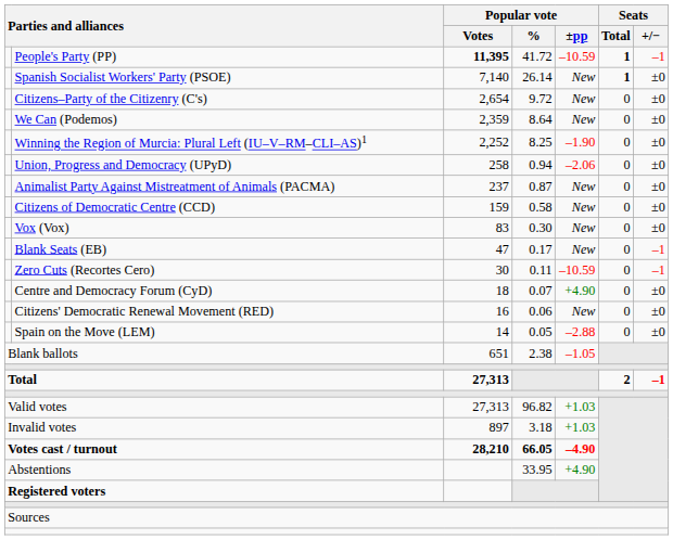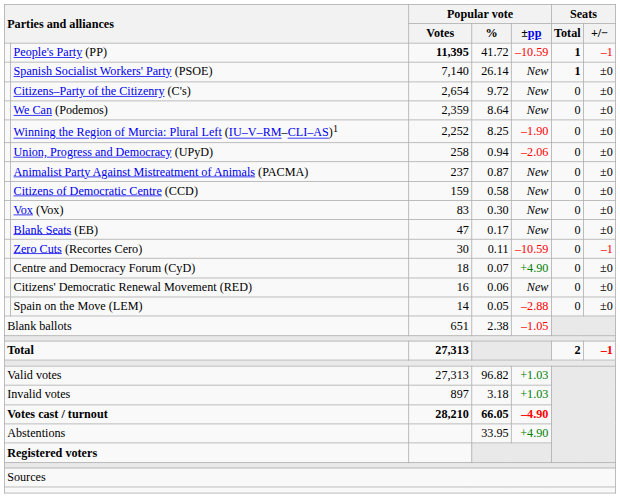 <table class="wikitable" style="text-align:right;">
 <tr>
 <th style="text-align:left;" rowspan="2" colspan="2" width="525">Parties and alliances</th>
 <th colspan="3">Popular vote</th>
 <th colspan="2">Seats</th>
 </tr>
 <tr>
 <th width="75">Votes</th>
 <th width="45">%</th>
 <th width="45">±<a href='#'>pp</a></th>
 <th width="35">Total</th>
 <th width="35">+/−</th>
 </tr>
 <tr>
 <td width="1" style="color:inherit;background:"></td>
 <td align="left"><a href='#'>People's Party</a> (PP)</td>
 <td><strong>11,395</strong></td>
 <td>41.72</td>
 <td style="color:red;">–10.59</td>
 <td><strong>1</strong></td>
 <td style="color:red;">–1</td>
 </tr>
 <tr>
 <td style="color:inherit;background:"></td>
 <td align="left"><a href='#'>Spanish Socialist Workers' Party</a> (PSOE)</td>
 <td>7,140</td>
 <td>26.14</td>
 <td><em>New</em></td>
 <td><strong>1</strong></td>
 <td>±0</td>
 </tr>
 <tr>
 <td style="color:inherit;background:"></td>
 <td align="left"><a href='#'>Citizens–Party of the Citizenry</a> (C's)</td>
 <td>2,654</td>
 <td>9.72</td>
 <td><em>New</em></td>
 <td>0</td>
 <td>±0</td>
 </tr>
 <tr>
 <td style="color:inherit;background:"></td>
 <td align="left"><a href='#'>We Can</a> (Podemos)</td>
 <td>2,359</td>
 <td>8.64</td>
 <td><em>New</em></td>
 <td>0</td>
 <td>±0</td>
 </tr>
 <tr>
 <td style="color:inherit;background:"></td>
 <td align="left"><a href='#'>Winning the Region of Murcia: Plural Left</a> (<a href='#'>IU–V–RM</a>–<a href='#'>CLI–AS</a>)<sup>1</sup></td>
 <td>2,252</td>
 <td>8.25</td>
 <td style="color:red;">–1.90</td>
 <td>0</td>
 <td>±0</td>
 </tr>
 <tr>
 <td style="color:inherit;background:"></td>
 <td align="left"><a href='#'>Union, Progress and Democracy</a> (UPyD)</td>
 <td>258</td>
 <td>0.94</td>
 <td style="color:red;">–2.06</td>
 <td>0</td>
 <td>±0</td>
 </tr>
 <tr>
 <td style="color:inherit;background:"></td>
 <td align="left"><a href='#'>Animalist Party Against Mistreatment of Animals</a> (PACMA)</td>
 <td>237</td>
 <td>0.87</td>
 <td><em>New</em></td>
 <td>0</td>
 <td>±0</td>
 </tr>
 <tr>
 <td style="color:inherit;background:"></td>
 <td align="left"><a href='#'>Citizens of Democratic Centre</a> (CCD)</td>
 <td>159</td>
 <td>0.58</td>
 <td><em>New</em></td>
 <td>0</td>
 <td>±0</td>
 </tr>
 <tr>
 <td style="color:inherit;background:"></td>
 <td align="left"><a href='#'>Vox</a> (Vox)</td>
 <td>83</td>
 <td>0.30</td>
 <td><em>New</em></td>
 <td>0</td>
 <td>±0</td>
 </tr>
 <tr>
 <td style="color:inherit;background:"></td>
 <td align="left"><a href='#'>Blank Seats</a> (EB)</td>
 <td>47</td>
 <td>0.17</td>
 <td><em>New</em></td>
 <td>0</td>
-<td style="color:red;">–1</td>
+<td>±0</td>
 </tr>
 <tr>
 <td style="color:inherit;background:"></td>
 <td align="left"><a href='#'>Zero Cuts</a> (Recortes Cero)</td>
 <td>30</td>
 <td>0.11</td>
 <td style="color:red;">–10.59</td>
 <td>0</td>
 <td style="color:red;">–1</td>
 </tr>
 <tr>
 <td style="color:inherit;background:"></td>
 <td align="left">Centre and Democracy Forum (CyD)</td>
 <td>18</td>
 <td>0.07</td>
 <td style="color:green;">+4.90</td>
 <td>0</td>
 <td>±0</td>
 </tr>
 <tr>
 <td style="color:inherit;background:"></td>
 <td align="left">Citizens' Democratic Renewal Movement (RED)</td>
 <td>16</td>
 <td>0.06</td>
 <td><em>New</em></td>
 <td>0</td>
 <td>±0</td>
 </tr>
 <tr>
 <td style="color:inherit;background:"></td>
 <td align="left">Spain on the Move (LEM)</td>
 <td>14</td>
 <td>0.05</td>
 <td style="color:red;">–2.88</td>
 <td>0</td>
 <td>±0</td>
 </tr>
 <tr>
 <td align="left" colspan="2">Blank ballots</td>
 <td>651</td>
 <td>2.38</td>
 <td style="color:red;">–1.05</td>
 <td bgcolor="#E9E9E9" colspan="2"></td>
 </tr>
 <tr>
 <td colspan="7" bgcolor="#E9E9E9"></td>
 </tr>
 <tr style="font-weight:bold;">
 <td align="left" colspan="2">Total</td>
 <td>27,313</td>
 <td bgcolor="#E9E9E9" colspan="2"></td>
 <td>2</td>
 <td style="color:red;">–1</td>
 </tr>
 <tr>
 <td colspan="7" bgcolor="#E9E9E9"></td>
 </tr>
 <tr>
 <td align="left" colspan="2">Valid votes</td>
 <td>27,313</td>
 <td>96.82</td>
 <td style="color:green;">+1.03</td>
 <td bgcolor="#E9E9E9" colspan="2" rowspan="5"></td>
 </tr>
 <tr>
 <td align="left" colspan="2">Invalid votes</td>
 <td>897</td>
 <td>3.18</td>
 <td style="color:green;">+1.03</td>
 </tr>
 <tr style="font-weight:bold;">
 <td align="left" colspan="2">Votes cast / turnout</td>
 <td>28,210</td>
 <td>66.05</td>
 <td style="color:red;">–4.90</td>
 </tr>
 <tr>
 <td align="left" colspan="2">Abstentions</td>
 <td></td>
 <td>33.95</td>
 <td style="color:green;">+4.90</td>
 </tr>
 <tr style="font-weight:bold;">
 <td align="left" colspan="2">Registered voters</td>
 <td></td>
 <td bgcolor="#E9E9E9" colspan="2"></td>
 </tr>
 <tr>
 <td colspan="7" bgcolor="#E9E9E9"></td>
 </tr>
 <tr>
 <td align="left" colspan="7">Sources</td>
 </tr>
 <tr>
 <td colspan="7" style="text-align:left; max-width:790px;"></td>
 </tr>
 </table>
